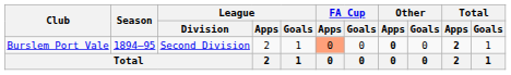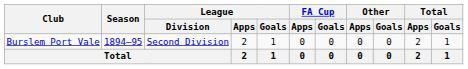 <table class="wikitable" style="text-align:center">
 <tr>
 <th rowspan="2">Club</th>
 <th rowspan="2">Season</th>
 <th colspan="3">League</th>
 <th colspan="2"><a href='#'>FA Cup</a></th>
 <th colspan="2">Other</th>
 <th colspan="2">Total</th>
 </tr>
 <tr>
 <th>Division</th>
 <th>Apps</th>
 <th>Goals</th>
 <th>Apps</th>
 <th>Goals</th>
 <th>Apps</th>
 <th>Goals</th>
 <th>Apps</th>
 <th>Goals</th>
 </tr>
 <tr>
 <td><a href='#'>Burslem Port Vale</a></td>
 <td><a href='#'>1894–95</a></td>
 <td><a href='#'>Second Division</a></td>
 <td>2</td>
 <td>1</td>
-<td style="background: lightsalmon;">0</td>
 <td>0</td>
-<td><strong>0</strong></td>
 <td>0</td>
-<td><strong>2</strong></td>
+<td>0</td>
+<td>0</td>
+<td>2</td>
 <td>1</td>
 </tr>
 <tr>
 <th colspan="3">Total</th>
 <th>2</th>
 <th>1</th>
 <th>0</th>
 <th>0</th>
 <th>0</th>
 <th>0</th>
 <th>2</th>
 <th>1</th>
 </tr>
 </table>
